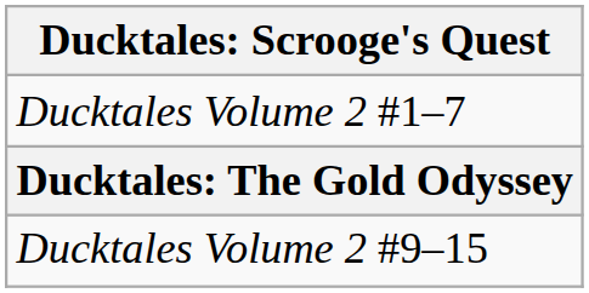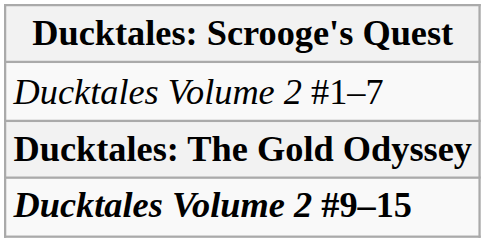 <table class="wikitable">
 <tr>
 <th colspan="2">Ducktales: Scrooge's Quest</th>
 </tr>
 <tr>
 <td valign="top"><em>Ducktales Volume 2</em> #1–7</td>
 </tr>
 <tr>
 <th colspan="2">Ducktales: The Gold Odyssey</th>
 </tr>
 <tr>
-<td valign="top"><em>Ducktales Volume 2</em> #9–15</td>
+<td valign="top"><strong><em>Ducktales Volume 2</em> #9–15</strong></td>
 </tr>
 </table>
